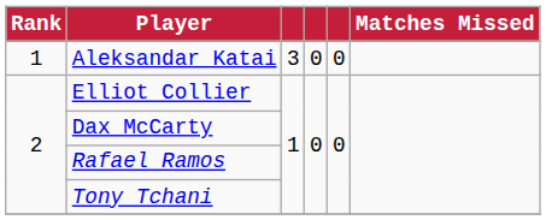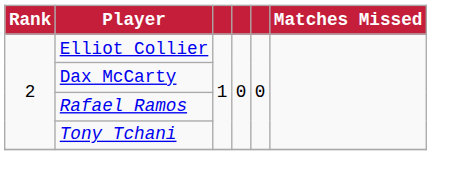 <table class="wikitable" style="text-align:center; display:inline-table;">
 <tr>
 <th style="background:#C41E3A; color:white;">Rank</th>
 <th style="background:#C41E3A; color:white;">Player</th>
 <th style="background:#C41E3A; color:white;"></th>
 <th style="background:#C41E3A; color:white;"></th>
 <th style="background:#C41E3A; color:white;"></th>
 <th style="background:#C41E3A; color:white;">Matches Missed</th>
-</tr>
-<tr>
-<td>1</td>
-<td align="left"> <a href='#'>Aleksandar Katai</a></td>
-<td>3</td>
-<td>0</td>
-<td>0</td>
-<td></td>
 </tr>
 <tr>
 <td rowspan="4">2</td>
 <td align="left"> <a href='#'>Elliot Collier</a></td>
 <td rowspan="4">1</td>
 <td rowspan="4">0</td>
 <td rowspan="4">0</td>
 <td rowspan="4"></td>
 </tr>
 <tr>
 <td align="left"> <a href='#'>Dax McCarty</a></td>
 </tr>
 <tr>
 <td align="left"> <em><a href='#'>Rafael Ramos</a></em></td>
 </tr>
 <tr>
 <td align="left"> <em><a href='#'>Tony Tchani</a></em></td>
 </tr>
 <tr>
 </tr>
 </table>
